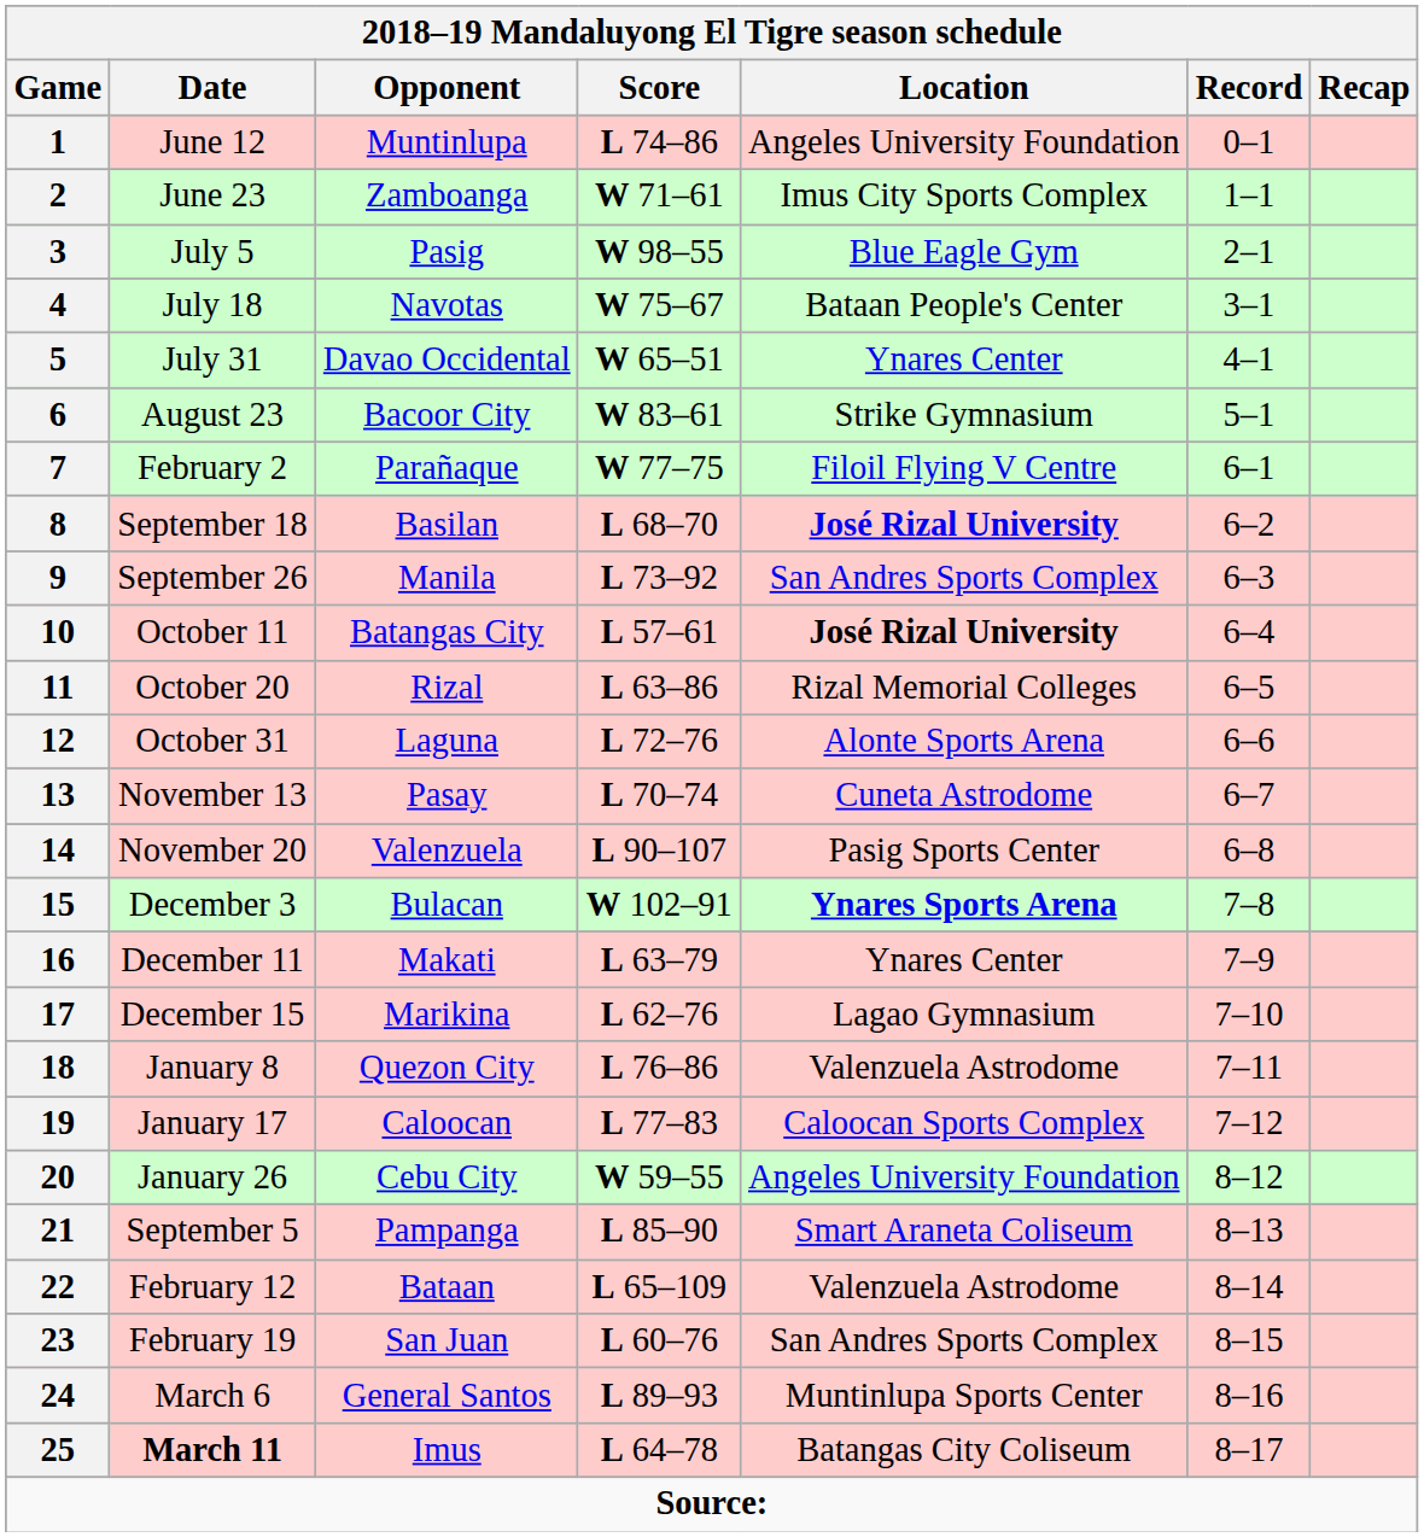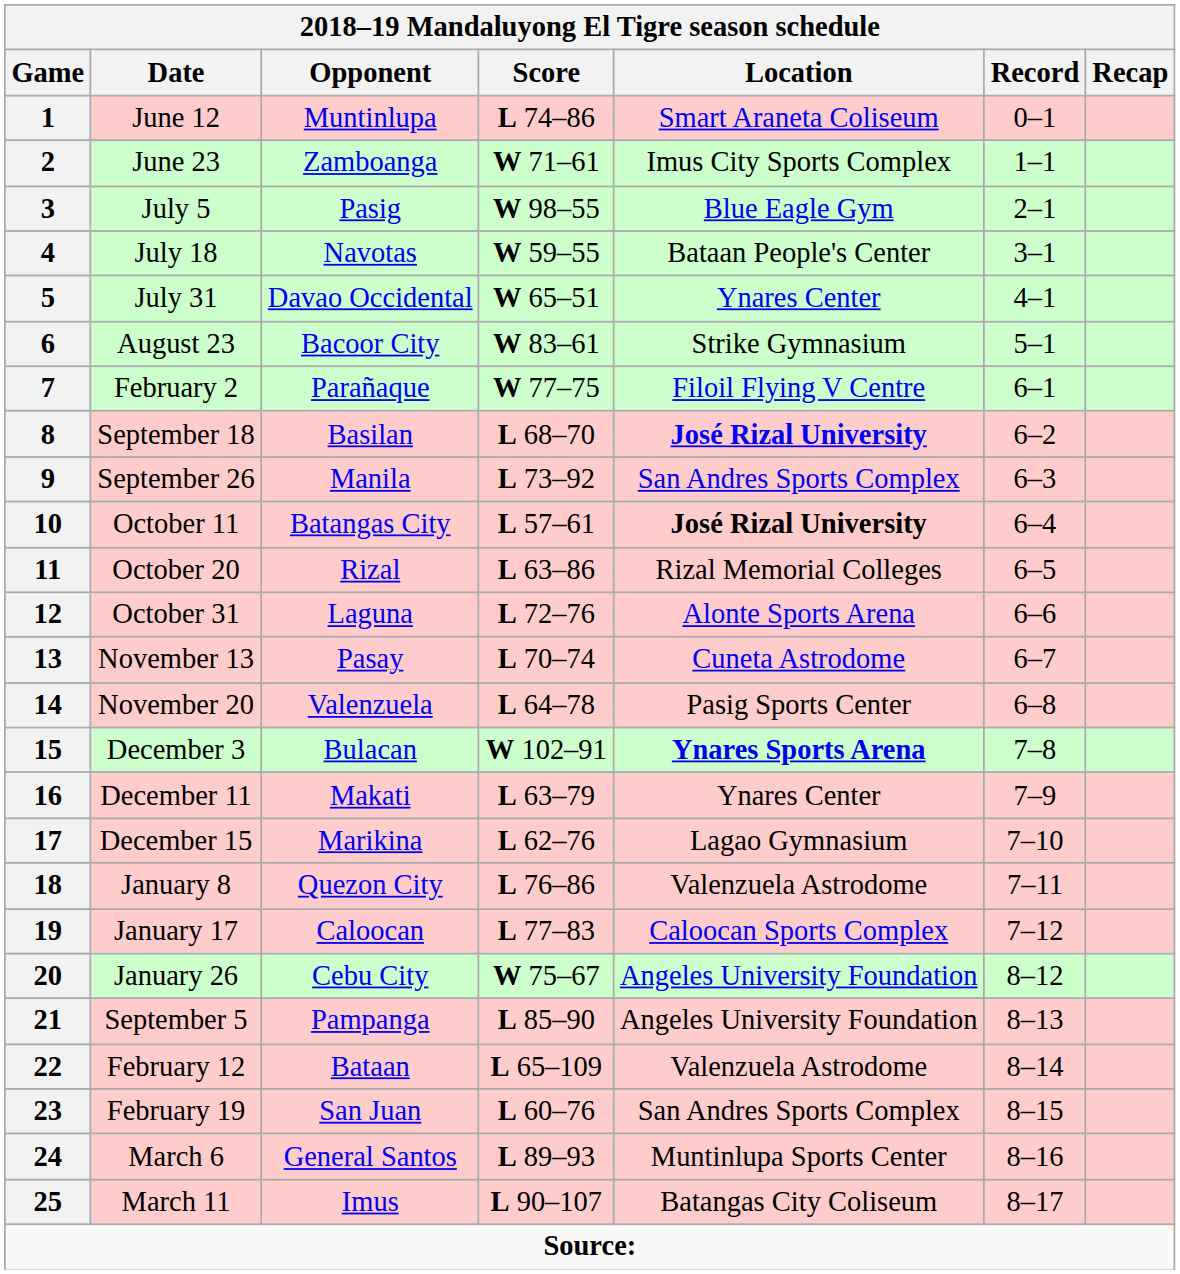 <table class="wikitable" style="text-align:center">
 <tr>
 <th colspan=7>2018–19 Mandaluyong El Tigre season schedule</th>
 </tr>
 <tr>
 <th>Game</th>
 <th>Date</th>
 <th>Opponent</th>
 <th>Score</th>
 <th>Location</th>
 <th>Record</th>
 <th>Recap<br></th>
 </tr>
 <tr style="background:#fcc">
 <th>1</th>
 <td>June 12</td>
 <td><a href='#'>Muntinlupa</a></td>
 <td><strong>L</strong> 74–86</td>
-<td>Angeles University Foundation</td>
+<td><a href='#'>Smart Araneta Coliseum</a></td>
 <td>0–1</td>
 <td></td>
 </tr>
 <tr style="background:#cfc">
 <th>2</th>
 <td>June 23</td>
 <td><a href='#'>Zamboanga</a></td>
 <td><strong>W</strong> 71–61</td>
 <td>Imus City Sports Complex</td>
 <td>1–1</td>
 <td></td>
 </tr>
 <tr style="background:#cfc">
 <th>3</th>
 <td>July 5</td>
 <td><a href='#'>Pasig</a></td>
 <td><strong>W</strong> 98–55</td>
 <td><a href='#'>Blue Eagle Gym</a></td>
 <td>2–1</td>
 <td></td>
 </tr>
 <tr style="background:#cfc">
 <th>4</th>
 <td>July 18</td>
 <td><a href='#'>Navotas</a></td>
-<td><strong>W</strong> 75–67</td>
+<td><strong>W</strong> 59–55</td>
 <td>Bataan People's Center</td>
 <td>3–1</td>
 <td></td>
 </tr>
 <tr style="background:#cfc">
 <th>5</th>
 <td>July 31</td>
 <td><a href='#'>Davao Occidental</a></td>
 <td><strong>W</strong> 65–51</td>
 <td><a href='#'>Ynares Center</a></td>
 <td>4–1</td>
 <td></td>
 </tr>
 <tr style="background:#cfc">
 <th>6</th>
 <td>August 23</td>
 <td><a href='#'>Bacoor City</a></td>
 <td><strong>W</strong> 83–61</td>
 <td>Strike Gymnasium</td>
 <td>5–1</td>
 <td></td>
 </tr>
 <tr style="background:#cfc">
 <th>7</th>
 <td>February 2</td>
 <td><a href='#'>Parañaque</a></td>
 <td><strong>W</strong> 77–75</td>
 <td><a href='#'>Filoil Flying V Centre</a></td>
 <td>6–1</td>
 <td></td>
 </tr>
 <tr style="background:#fcc">
 <th>8</th>
 <td>September 18</td>
 <td><a href='#'>Basilan</a></td>
 <td><strong>L</strong> 68–70</td>
 <td><strong><a href='#'>José Rizal University</a></strong></td>
 <td>6–2</td>
 <td></td>
 </tr>
 <tr style="background:#fcc">
 <th>9</th>
 <td>September 26</td>
 <td><a href='#'>Manila</a></td>
 <td><strong>L</strong> 73–92</td>
 <td><a href='#'>San Andres Sports Complex</a></td>
 <td>6–3</td>
 <td><br></td>
 </tr>
 <tr style="background:#fcc">
 <th>10</th>
 <td>October 11</td>
 <td><a href='#'>Batangas City</a></td>
 <td><strong>L</strong> 57–61</td>
 <td><strong>José Rizal University</strong></td>
 <td>6–4</td>
 <td></td>
 </tr>
 <tr style="background:#fcc">
 <th>11</th>
 <td>October 20</td>
 <td><a href='#'>Rizal</a></td>
 <td><strong>L</strong> 63–86</td>
 <td>Rizal Memorial Colleges</td>
 <td>6–5</td>
 <td></td>
 </tr>
 <tr style="background:#fcc">
 <th>12</th>
 <td>October 31</td>
 <td><a href='#'>Laguna</a></td>
 <td><strong>L</strong> 72–76</td>
 <td><a href='#'>Alonte Sports Arena</a></td>
 <td>6–6</td>
 <td></td>
 </tr>
 <tr style="background:#fcc">
 <th>13</th>
 <td>November 13</td>
 <td><a href='#'>Pasay</a></td>
 <td><strong>L</strong> 70–74</td>
 <td><a href='#'>Cuneta Astrodome</a></td>
 <td>6–7</td>
 <td></td>
 </tr>
 <tr style="background:#fcc">
 <th>14</th>
 <td>November 20</td>
 <td><a href='#'>Valenzuela</a></td>
-<td><strong>L</strong> 90–107</td>
+<td><strong>L</strong> 64–78</td>
 <td>Pasig Sports Center</td>
 <td>6–8</td>
 <td></td>
 </tr>
 <tr style="background:#cfc">
 <th>15</th>
 <td>December 3</td>
 <td><a href='#'>Bulacan</a></td>
 <td><strong>W</strong> 102–91</td>
 <td><strong><a href='#'>Ynares Sports Arena</a></strong></td>
 <td>7–8</td>
 <td></td>
 </tr>
 <tr style="background:#fcc">
 <th>16</th>
 <td>December 11</td>
 <td><a href='#'>Makati</a></td>
 <td><strong>L</strong> 63–79</td>
 <td>Ynares Center</td>
 <td>7–9</td>
 <td></td>
 </tr>
 <tr style="background:#fcc">
 <th>17</th>
 <td>December 15</td>
 <td><a href='#'>Marikina</a></td>
 <td><strong>L</strong> 62–76</td>
 <td>Lagao Gymnasium</td>
 <td>7–10</td>
 <td><br></td>
 </tr>
 <tr style="background:#fcc">
 <th>18</th>
 <td>January 8</td>
 <td><a href='#'>Quezon City</a></td>
 <td><strong>L</strong> 76–86</td>
 <td>Valenzuela Astrodome</td>
 <td>7–11</td>
 <td></td>
 </tr>
 <tr style="background:#fcc">
 <th>19</th>
 <td>January 17</td>
 <td><a href='#'>Caloocan</a></td>
 <td><strong>L</strong> 77–83</td>
 <td><a href='#'>Caloocan Sports Complex</a></td>
 <td>7–12</td>
 <td></td>
 </tr>
 <tr style="background:#cfc">
 <th>20</th>
 <td>January 26</td>
 <td><a href='#'>Cebu City</a></td>
-<td><strong>W</strong> 59–55</td>
+<td><strong>W</strong> 75–67</td>
 <td><a href='#'>Angeles University Foundation</a></td>
 <td>8–12</td>
 <td></td>
 </tr>
 <tr style="background:#fcc">
 <th>21</th>
 <td>September 5</td>
 <td><a href='#'>Pampanga</a></td>
 <td><strong>L</strong> 85–90</td>
-<td><a href='#'>Smart Araneta Coliseum</a></td>
+<td>Angeles University Foundation</td>
 <td>8–13</td>
 <td></td>
 </tr>
 <tr style="background:#fcc">
 <th>22</th>
 <td>February 12</td>
 <td><a href='#'>Bataan</a></td>
 <td><strong>L</strong> 65–109</td>
 <td>Valenzuela Astrodome</td>
 <td>8–14</td>
 <td></td>
 </tr>
 <tr style="background:#fcc">
 <th>23</th>
 <td>February 19</td>
 <td><a href='#'>San Juan</a></td>
 <td><strong>L</strong> 60–76</td>
 <td>San Andres Sports Complex</td>
 <td>8–15</td>
 <td></td>
 </tr>
 <tr style="background:#fcc">
 <th>24</th>
 <td>March 6</td>
 <td><a href='#'>General Santos</a></td>
 <td><strong>L</strong> 89–93</td>
 <td>Muntinlupa Sports Center</td>
 <td>8–16</td>
 <td></td>
 </tr>
 <tr style="background:#fcc">
 <th>25</th>
-<td><strong>March 11</strong></td>
+<td>March 11</td>
 <td><a href='#'>Imus</a></td>
-<td><strong>L</strong> 64–78</td>
+<td><strong>L</strong> 90–107</td>
 <td>Batangas City Coliseum</td>
 <td>8–17</td>
 <td></td>
 </tr>
 <tr>
 <td colspan=7 align=center><strong>Source: </strong></td>
 </tr>
 </table>
